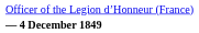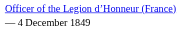 <table>
 <tr>
 <td rowspan=2 style="width:60px; vertical-align:top;"></td>
 <td><a href='#'>Officer of the Legion d’Honneur (France)</a></td>
 </tr>
 <tr>
-<td><strong>— 4 December 1849</strong></td>
+<td>— 4 December 1849</td>
 </tr>
 </table>
